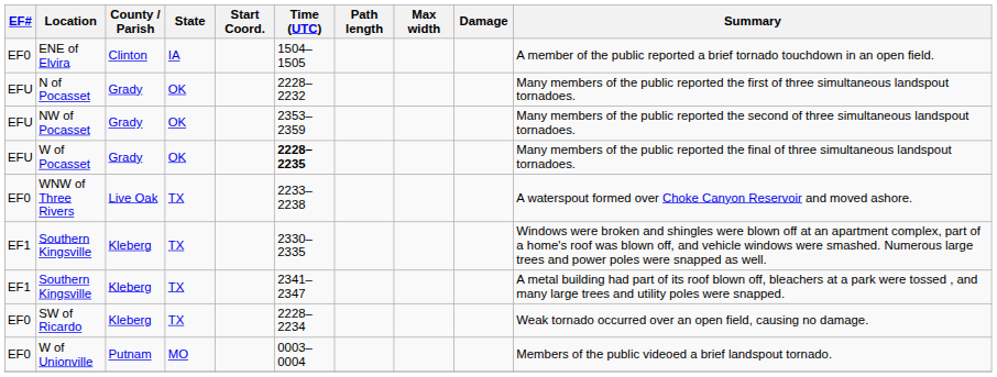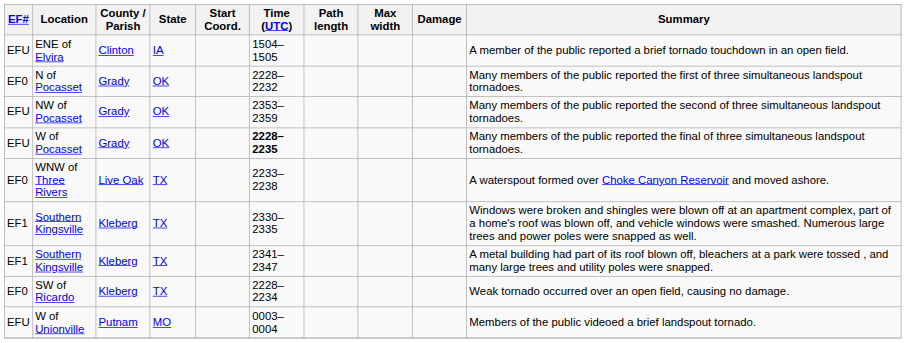 <table class="wikitable sortable" style="width:100%;">
 <tr>
 <th scope="col" width="3%" align="center"><a href='#'>EF#</a></th>
 <th scope="col" width="7%" align="center" class="unsortable">Location</th>
 <th scope="col" width="6%" align="center" class="unsortable">County / Parish</th>
 <th scope="col" width="5%" align="center">State</th>
 <th scope="col" width="6%" align="center">Start Coord.</th>
 <th scope="col" width="6%" align="center">Time (<a href='#'>UTC</a>)</th>
 <th scope="col" width="6%" align="center">Path length</th>
 <th scope="col" width="6%" align="center">Max width</th>
 <th scope="col" width="6%" align="center">Damage</th>
 <th scope="col" width="48%" class="unsortable" align="center">Summary</th>
 </tr>
 <tr>
-<td>EF0</td>
+<td>EFU</td>
 <td>ENE of <a href='#'>Elvira</a></td>
 <td><a href='#'>Clinton</a></td>
 <td><a href='#'>IA</a></td>
 <td></td>
 <td>1504–1505</td>
 <td></td>
 <td></td>
 <td></td>
 <td>A member of the public reported a brief tornado touchdown in an open field.</td>
 </tr>
 <tr>
-<td>EFU</td>
+<td>EF0</td>
 <td>N of <a href='#'>Pocasset</a></td>
 <td><a href='#'>Grady</a></td>
 <td><a href='#'>OK</a></td>
 <td></td>
 <td>2228–2232</td>
 <td></td>
 <td></td>
 <td></td>
 <td>Many members of the public reported the first of three simultaneous landspout tornadoes.</td>
 </tr>
 <tr>
 <td>EFU</td>
 <td>NW of <a href='#'>Pocasset</a></td>
 <td><a href='#'>Grady</a></td>
 <td><a href='#'>OK</a></td>
 <td></td>
 <td>2353–2359</td>
 <td></td>
 <td></td>
 <td></td>
 <td>Many members of the public reported the second of three simultaneous landspout tornadoes.</td>
 </tr>
 <tr>
 <td>EFU</td>
 <td>W of <a href='#'>Pocasset</a></td>
 <td><a href='#'>Grady</a></td>
 <td><a href='#'>OK</a></td>
 <td></td>
 <td><strong>2228–2235</strong></td>
 <td></td>
 <td></td>
 <td></td>
 <td>Many members of the public reported the final of three simultaneous landspout tornadoes.</td>
 </tr>
 <tr>
 <td>EF0</td>
 <td>WNW of <a href='#'>Three Rivers</a></td>
 <td><a href='#'>Live Oak</a></td>
 <td><a href='#'>TX</a></td>
 <td></td>
 <td>2233–2238</td>
 <td></td>
 <td></td>
 <td></td>
 <td>A waterspout formed over <a href='#'>Choke Canyon Reservoir</a> and moved ashore.</td>
 </tr>
 <tr>
 <td>EF1</td>
 <td><a href='#'>Southern Kingsville</a></td>
 <td><a href='#'>Kleberg</a></td>
 <td><a href='#'>TX</a></td>
 <td></td>
 <td>2330–2335</td>
 <td></td>
 <td></td>
 <td></td>
 <td>Windows were broken and shingles were blown off at an apartment complex, part of a home's roof was blown off, and vehicle windows were smashed. Numerous large trees and power poles were snapped as well.</td>
 </tr>
 <tr>
 <td>EF1</td>
 <td><a href='#'>Southern Kingsville</a></td>
 <td><a href='#'>Kleberg</a></td>
 <td><a href='#'>TX</a></td>
 <td></td>
 <td>2341–2347</td>
 <td></td>
 <td></td>
 <td></td>
 <td>A metal building had part of its roof blown off, bleachers at a park were tossed , and many large trees and utility poles were snapped.</td>
 </tr>
 <tr>
 <td>EF0</td>
 <td>SW of <a href='#'>Ricardo</a></td>
 <td><a href='#'>Kleberg</a></td>
 <td><a href='#'>TX</a></td>
 <td></td>
 <td>2228–2234</td>
 <td></td>
 <td></td>
 <td></td>
 <td>Weak tornado occurred over an open field, causing no damage.</td>
 </tr>
 <tr>
-<td>EF0</td>
+<td>EFU</td>
 <td>W of <a href='#'>Unionville</a></td>
 <td><a href='#'>Putnam</a></td>
 <td><a href='#'>MO</a></td>
 <td></td>
 <td>0003–0004</td>
 <td></td>
 <td></td>
 <td></td>
 <td>Members of the public videoed a brief landspout tornado.</td>
 </tr>
 <tr>
 </tr>
 </table>
